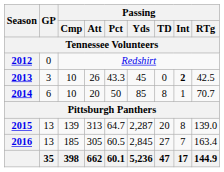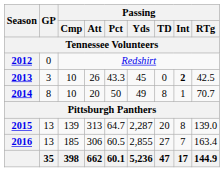 <table class="wikitable" style="text-align:center;">
 <tr>
 <th rowspan="2">Season</th>
 <th rowspan="2">GP</th>
 <th colspan="7">Passing</th>
 </tr>
 <tr>
 <th>Cmp</th>
 <th>Att</th>
 <th>Pct</th>
 <th>Yds</th>
 <th>TD</th>
 <th>Int</th>
 <th>RTg</th>
 </tr>
 <tr>
 <th colspan="9">Tennessee Volunteers</th>
 </tr>
 <tr>
 <th><a href='#'>2012</a></th>
 <td>0</td>
 <td colspan="7"> <em><a href='#'>Redshirt</a></em></td>
 </tr>
 <tr>
 <th><a href='#'>2013</a></th>
 <td>3</td>
 <td>10</td>
 <td>26</td>
 <td>43.3</td>
 <td>45</td>
 <td>0</td>
 <td><strong>2</strong></td>
 <td>42.5</td>
 </tr>
 <tr>
 <th><a href='#'>2014</a></th>
-<td>6</td>
+<td>8</td>
 <td>10</td>
 <td>20</td>
 <td>50</td>
-<td>85</td>
+<td>49</td>
 <td>8</td>
 <td>1</td>
 <td>70.7</td>
 </tr>
 <tr>
 <th colspan="9">Pittsburgh Panthers</th>
 </tr>
 <tr>
 <th><a href='#'>2015</a></th>
 <td>13</td>
 <td>139</td>
 <td>313</td>
 <td>64.7</td>
 <td>2,287</td>
 <td>20</td>
 <td>8</td>
 <td>139.0</td>
 </tr>
 <tr>
 <th><a href='#'>2016</a></th>
 <td>13</td>
 <td>185</td>
-<td>305</td>
+<td>306</td>
 <td>60.5</td>
-<td>2,845</td>
+<td>2,855</td>
 <td>27</td>
 <td>7</td>
 <td>163.4</td>
 </tr>
 <tr>
 <th></th>
 <th>35</th>
 <th>398</th>
 <th>662</th>
 <th>60.1</th>
 <th>5,236</th>
 <th>47</th>
 <th>17</th>
 <th>144.9</th>
 </tr>
 </table>
